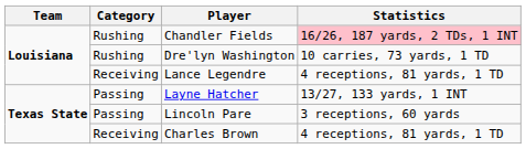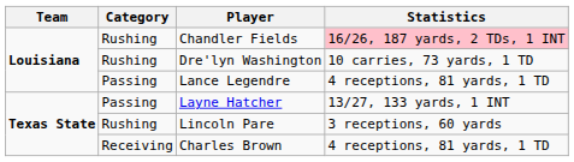 <table class="wikitable" style="float: left;">
 <tr>
 <th>Team</th>
 <th>Category</th>
 <th>Player</th>
 <th>Statistics</th>
 </tr>
 <tr>
 <td rowspan=3><strong>Louisiana</strong></td>
 <td>Rushing</td>
 <td>Chandler Fields</td>
 <td style="background: pink;">16/26, 187 yards, 2 TDs, 1 INT</td>
 </tr>
 <tr>
 <td>Rushing</td>
 <td>Dre'lyn Washington</td>
 <td>10 carries, 73 yards, 1 TD</td>
 </tr>
 <tr>
-<td>Receiving</td>
+<td>Passing</td>
 <td>Lance Legendre</td>
 <td>4 receptions, 81 yards, 1 TD</td>
 </tr>
 <tr>
 <td rowspan=3><strong>Texas State</strong></td>
 <td>Passing</td>
 <td><a href='#'>Layne Hatcher</a></td>
 <td>13/27, 133 yards, 1 INT</td>
 </tr>
 <tr>
-<td>Passing</td>
+<td>Rushing</td>
 <td>Lincoln Pare</td>
 <td>3 receptions, 60 yards</td>
 </tr>
 <tr>
 <td>Receiving</td>
 <td>Charles Brown</td>
 <td>4 receptions, 81 yards, 1 TD</td>
 </tr>
 </table>
